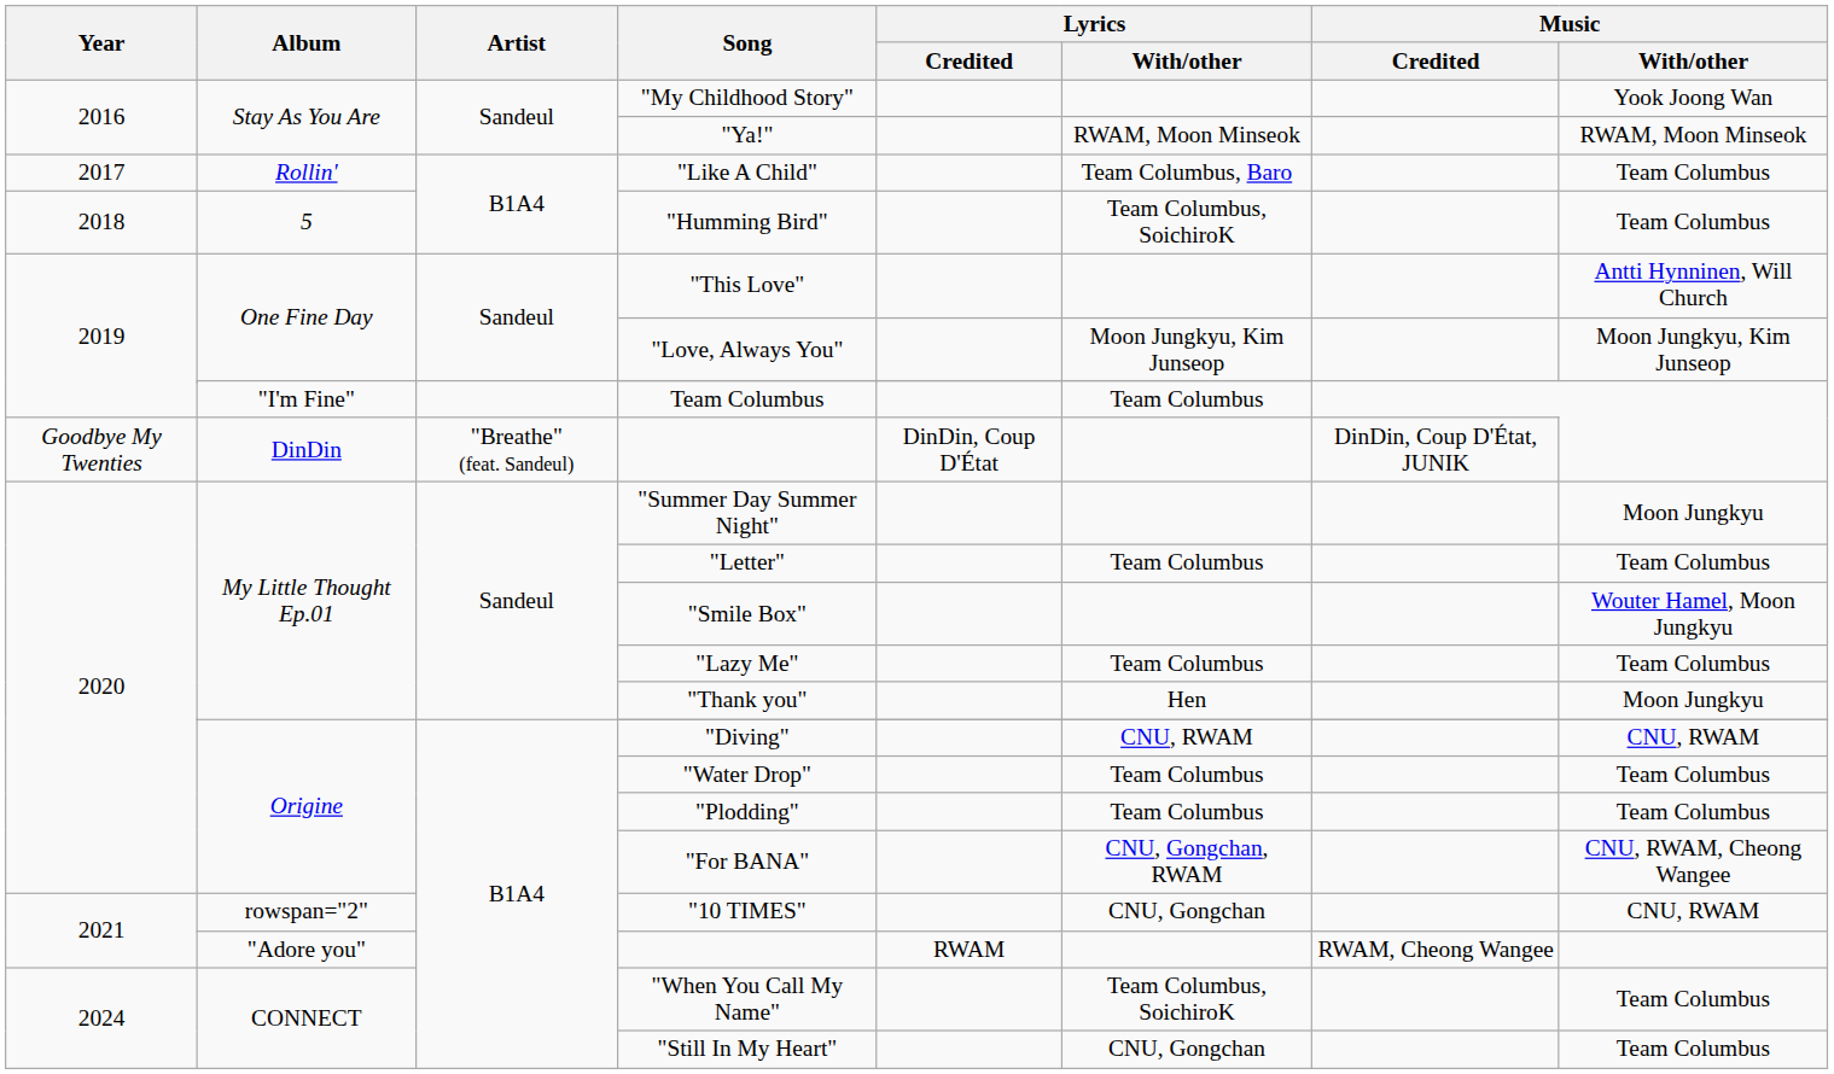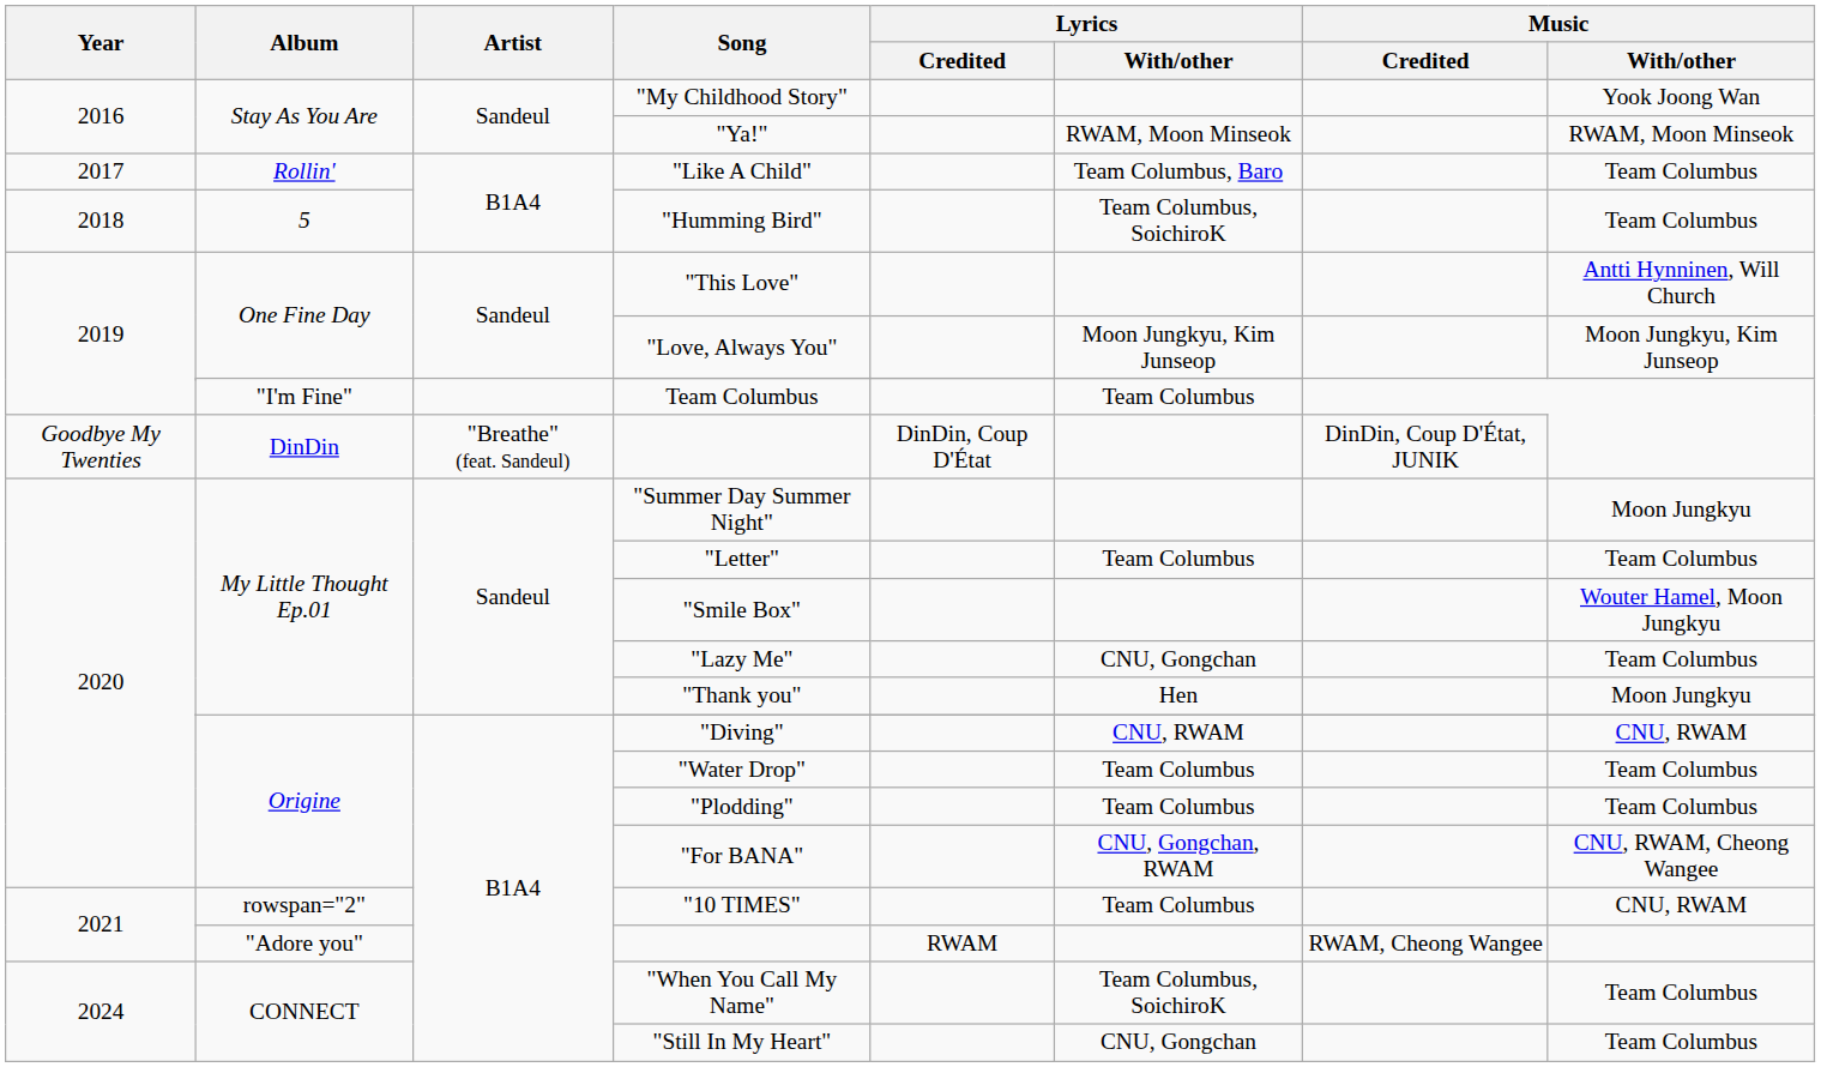 <table class="wikitable plainrowheaders" style="text-align:center;">
 <tr>
 <th rowspan="2">Year</th>
 <th rowspan="2">Album</th>
 <th rowspan="2">Artist</th>
 <th rowspan="2">Song</th>
 <th colspan="2">Lyrics</th>
 <th colspan="2">Music</th>
 </tr>
 <tr>
 <th>Credited</th>
 <th>With/other</th>
 <th>Credited</th>
 <th>With/other</th>
 </tr>
 <tr>
 <td rowspan="2">2016</td>
 <td rowspan="2"><em>Stay As You Are</em></td>
 <td rowspan="2">Sandeul</td>
 <td>"My Childhood Story"</td>
 <td></td>
 <td></td>
 <td></td>
 <td>Yook Joong Wan</td>
 </tr>
 <tr>
 <td>"Ya!" </td>
 <td></td>
 <td>RWAM, Moon Minseok</td>
 <td></td>
 <td>RWAM, Moon Minseok</td>
 </tr>
 <tr>
 <td>2017</td>
 <td><em><a href='#'>Rollin'</a></em></td>
 <td rowspan="2">B1A4</td>
 <td>"Like A Child"</td>
 <td></td>
 <td>Team Columbus, <a href='#'>Baro</a></td>
 <td></td>
 <td>Team Columbus</td>
 </tr>
 <tr>
 <td>2018</td>
 <td><em>5</em></td>
 <td>"Humming Bird"</td>
 <td></td>
 <td>Team Columbus, SoichiroK</td>
 <td></td>
 <td>Team Columbus</td>
 </tr>
 <tr>
 <td rowspan="4">2019</td>
 <td rowspan="3"><em>One Fine Day</em></td>
 <td rowspan="3">Sandeul</td>
 <td>"This Love"</td>
 <td></td>
 <td></td>
 <td></td>
 <td><a href='#'>Antti Hynninen</a>, Will Church</td>
 </tr>
 <tr>
 <td>"Love, Always You" </td>
 <td></td>
 <td>Moon Jungkyu, Kim Junseop</td>
 <td></td>
 <td>Moon Jungkyu, Kim Junseop</td>
 </tr>
 <tr>
 </tr>
 <tr>
 <td>"I'm Fine"</td>
 <td></td>
 <td>Team Columbus</td>
 <td></td>
 <td>Team Columbus</td>
 </tr>
 <tr>
 <td><em>Goodbye My Twenties</em></td>
 <td><a href='#'>DinDin</a></td>
 <td>"Breathe" <small>(feat. Sandeul)</small></td>
 <td></td>
 <td>DinDin, Coup D'État</td>
 <td></td>
 <td>DinDin, Coup D'État, JUNIK</td>
 </tr>
 <tr>
 <td rowspan="10">2020</td>
 <td rowspan="5"><em>My Little Thought Ep.01</em></td>
 <td rowspan="5">Sandeul</td>
 <td>"Summer Day Summer Night"</td>
 <td></td>
 <td></td>
 <td></td>
 <td>Moon Jungkyu</td>
 </tr>
 <tr>
 <td>"Letter"</td>
 <td></td>
 <td>Team Columbus</td>
 <td></td>
 <td>Team Columbus</td>
 </tr>
 <tr>
 <td>"Smile Box"</td>
 <td></td>
 <td></td>
 <td></td>
 <td><a href='#'>Wouter Hamel</a>, Moon Jungkyu</td>
 </tr>
 <tr>
 <td>"Lazy Me"</td>
 <td></td>
-<td>Team Columbus</td>
+<td>CNU, Gongchan</td>
 <td></td>
 <td>Team Columbus</td>
 </tr>
 <tr>
 <td>"Thank you"</td>
 <td></td>
 <td>Hen</td>
 <td></td>
 <td>Moon Jungkyu</td>
 </tr>
 <tr>
 <td rowspan="5"><em><a href='#'>Origine</a></em></td>
 <td rowspan="9">B1A4</td>
 </tr>
 <tr>
 <td>"Diving"</td>
 <td></td>
 <td><a href='#'>CNU</a>, RWAM</td>
 <td></td>
 <td><a href='#'>CNU</a>, RWAM</td>
 </tr>
 <tr>
 <td>"Water Drop"</td>
 <td></td>
 <td>Team Columbus</td>
 <td></td>
 <td>Team Columbus</td>
 </tr>
 <tr>
 <td>"Plodding"</td>
 <td></td>
 <td>Team Columbus</td>
 <td></td>
 <td>Team Columbus</td>
 </tr>
 <tr>
 <td>"For BANA"</td>
 <td></td>
 <td><a href='#'>CNU</a>, <a href='#'>Gongchan</a>, RWAM</td>
 <td></td>
 <td><a href='#'>CNU</a>, RWAM, Cheong Wangee</td>
 </tr>
 <tr>
 <td rowspan="2">2021</td>
 <td>rowspan="2"</td>
 <td>"10 TIMES"</td>
 <td></td>
-<td>CNU, Gongchan</td>
+<td>Team Columbus</td>
 <td></td>
 <td>CNU, RWAM</td>
 </tr>
 <tr>
 <td>"Adore you"</td>
 <td></td>
 <td>RWAM</td>
 <td></td>
 <td>RWAM, Cheong Wangee</td>
 </tr>
 <tr>
 <td rowspan="2">2024</td>
 <td rowspan="2">CONNECT</td>
 <td>"When You Call My Name"</td>
 <td></td>
 <td>Team Columbus, SoichiroK</td>
 <td></td>
 <td>Team Columbus</td>
 </tr>
 <tr>
 <td>"Still In My Heart"</td>
 <td></td>
 <td>CNU, Gongchan</td>
 <td></td>
 <td>Team Columbus</td>
 </tr>
 <tr>
 </tr>
 </table>
